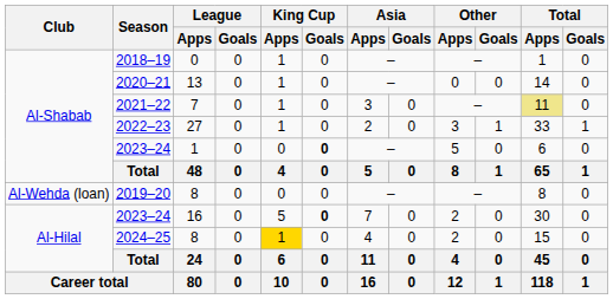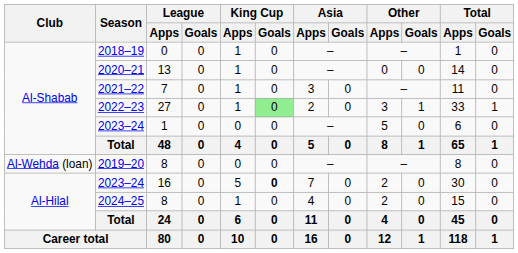 <table class="wikitable" style="text-align: center">
 <tr>
 <th rowspan=2>Club</th>
 <th rowspan=2>Season</th>
 <th colspan=2>League</th>
 <th colspan=2>King Cup</th>
 <th colspan=2>Asia</th>
 <th colspan=2>Other</th>
 <th colspan=2>Total</th>
 </tr>
 <tr>
 <th>Apps</th>
 <th>Goals</th>
 <th>Apps</th>
 <th>Goals</th>
 <th>Apps</th>
 <th>Goals</th>
 <th>Apps</th>
 <th>Goals</th>
 <th>Apps</th>
 <th>Goals</th>
 </tr>
 <tr>
 <td rowspan="6"><a href='#'>Al-Shabab</a></td>
 <td><a href='#'>2018–19</a></td>
 <td>0</td>
 <td>0</td>
 <td>1</td>
 <td>0</td>
 <td colspan="2">–</td>
 <td colspan="2">–</td>
 <td>1</td>
 <td>0</td>
 </tr>
 <tr>
 <td><a href='#'>2020–21</a></td>
 <td>13</td>
 <td>0</td>
 <td>1</td>
 <td>0</td>
 <td colspan="2">–</td>
 <td>0</td>
 <td>0</td>
 <td>14</td>
 <td>0</td>
 </tr>
 <tr>
 <td><a href='#'>2021–22</a></td>
 <td>7</td>
 <td>0</td>
 <td>1</td>
 <td>0</td>
 <td>3</td>
 <td>0</td>
 <td colspan="2">–</td>
-<td style="background: khaki;">11</td>
+<td>11</td>
 <td>0</td>
 </tr>
 <tr>
 <td><a href='#'>2022–23</a></td>
 <td>27</td>
 <td>0</td>
 <td>1</td>
-<td>0</td>
+<td style="background: lightgreen;">0</td>
 <td>2</td>
 <td>0</td>
 <td>3</td>
 <td>1</td>
 <td>33</td>
 <td>1</td>
 </tr>
 <tr>
 <td><a href='#'>2023–24</a></td>
 <td>1</td>
 <td>0</td>
 <td>0</td>
-<td><strong>0</strong></td>
+<td>0</td>
 <td colspan="2">–</td>
 <td>5</td>
 <td>0</td>
 <td>6</td>
 <td>0</td>
 </tr>
 <tr>
 <th colspan="1">Total</th>
 <th>48</th>
 <th>0</th>
 <th>4</th>
 <th>0</th>
 <th>5</th>
 <th>0</th>
 <th>8</th>
 <th>1</th>
 <th>65</th>
 <th>1</th>
 </tr>
 <tr>
 <td><a href='#'>Al-Wehda</a> (loan)</td>
 <td><a href='#'>2019–20</a></td>
 <td>8</td>
 <td>0</td>
 <td>0</td>
 <td>0</td>
 <td colspan="2">–</td>
 <td colspan="2">–</td>
 <td>8</td>
 <td>0</td>
 </tr>
 <tr>
 <td rowspan="3"><a href='#'>Al-Hilal</a></td>
 <td><a href='#'>2023–24</a></td>
 <td>16</td>
 <td>0</td>
 <td>5</td>
 <td><strong>0</strong></td>
 <td>7</td>
 <td>0</td>
 <td>2</td>
 <td>0</td>
 <td>30</td>
 <td>0</td>
 </tr>
 <tr>
 <td><a href='#'>2024–25</a></td>
 <td>8</td>
 <td>0</td>
-<td style="background: gold;">1</td>
+<td>1</td>
 <td>0</td>
 <td>4</td>
 <td>0</td>
 <td>2</td>
 <td>0</td>
 <td>15</td>
 <td>0</td>
 </tr>
 <tr>
 <th colspan="1">Total</th>
 <th>24</th>
 <th>0</th>
 <th>6</th>
 <th>0</th>
 <th>11</th>
 <th>0</th>
 <th>4</th>
 <th>0</th>
 <th>45</th>
 <th>0</th>
 </tr>
 <tr>
 <th colspan="2">Career total</th>
 <th>80</th>
 <th>0</th>
 <th>10</th>
 <th>0</th>
 <th>16</th>
 <th>0</th>
 <th>12</th>
 <th>1</th>
 <th>118</th>
 <th>1</th>
 </tr>
 </table>
